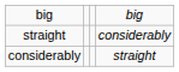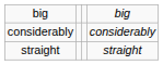 <table class="wikitable" style="text-align: center;">
 <tr>
 <td>big</td>
 <td></td>
 <td></td>
 <td><em>big</em></td>
 </tr>
 <tr>
-<td>straight</td>
+<td>considerably</td>
 <td></td>
 <td></td>
 <td><em>considerably</em></td>
 </tr>
 <tr>
-<td>considerably</td>
+<td>straight</td>
 <td></td>
 <td></td>
 <td><em>straight</em></td>
 </tr>
 </table>
